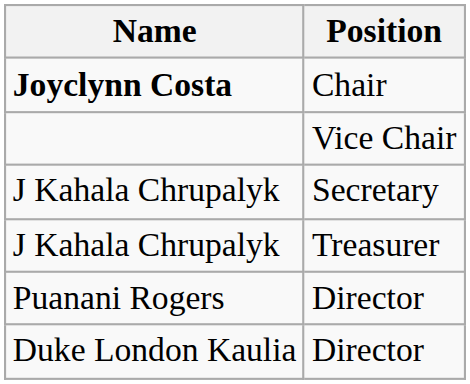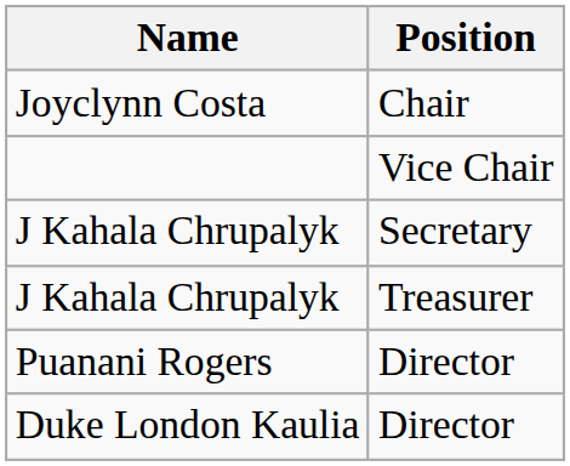 <table class="wikitable">
 <tr>
 <th>Name</th>
 <th>Position</th>
 </tr>
 <tr>
-<td><strong>Joyclynn Costa</strong></td>
+<td>Joyclynn Costa</td>
 <td>Chair</td>
 </tr>
 <tr>
 <td></td>
 <td>Vice Chair</td>
 </tr>
 <tr>
 <td>J Kahala Chrupalyk</td>
 <td>Secretary</td>
 </tr>
 <tr>
 <td>J Kahala Chrupalyk</td>
 <td>Treasurer</td>
 </tr>
 <tr>
 <td>Puanani Rogers</td>
 <td>Director</td>
 </tr>
 <tr>
 <td>Duke London Kaulia</td>
 <td>Director</td>
 </tr>
 </table>
